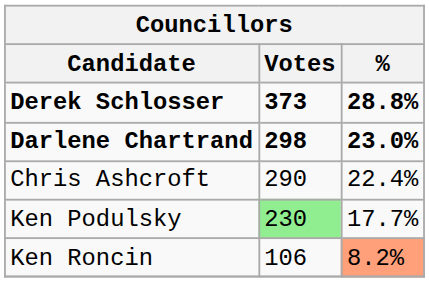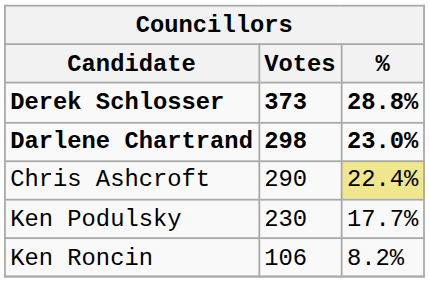 <table class="wikitable collapsible collapsed" align="right">
 <tr>
 <th colspan=3>Councillors</th>
 </tr>
 <tr>
 <th>Candidate</th>
 <th>Votes</th>
 <th>%</th>
 </tr>
 <tr>
 <td><strong>Derek Schlosser</strong></td>
 <td><strong>373</strong></td>
 <td><strong>28.8%</strong></td>
 </tr>
 <tr>
 <td><strong>Darlene Chartrand</strong></td>
 <td><strong>298</strong></td>
 <td><strong>23.0%</strong></td>
 </tr>
 <tr>
 <td>Chris Ashcroft</td>
 <td>290</td>
-<td>22.4%</td>
+<td style="background: khaki;">22.4%</td>
 </tr>
 <tr>
 <td>Ken Podulsky</td>
-<td style="background: lightgreen;">230</td>
+<td>230</td>
 <td>17.7%</td>
 </tr>
 <tr>
 <td>Ken Roncin</td>
 <td>106</td>
-<td style="background: lightsalmon;">8.2%</td>
+<td>8.2%</td>
 </tr>
 <tr>
 </tr>
 </table>
